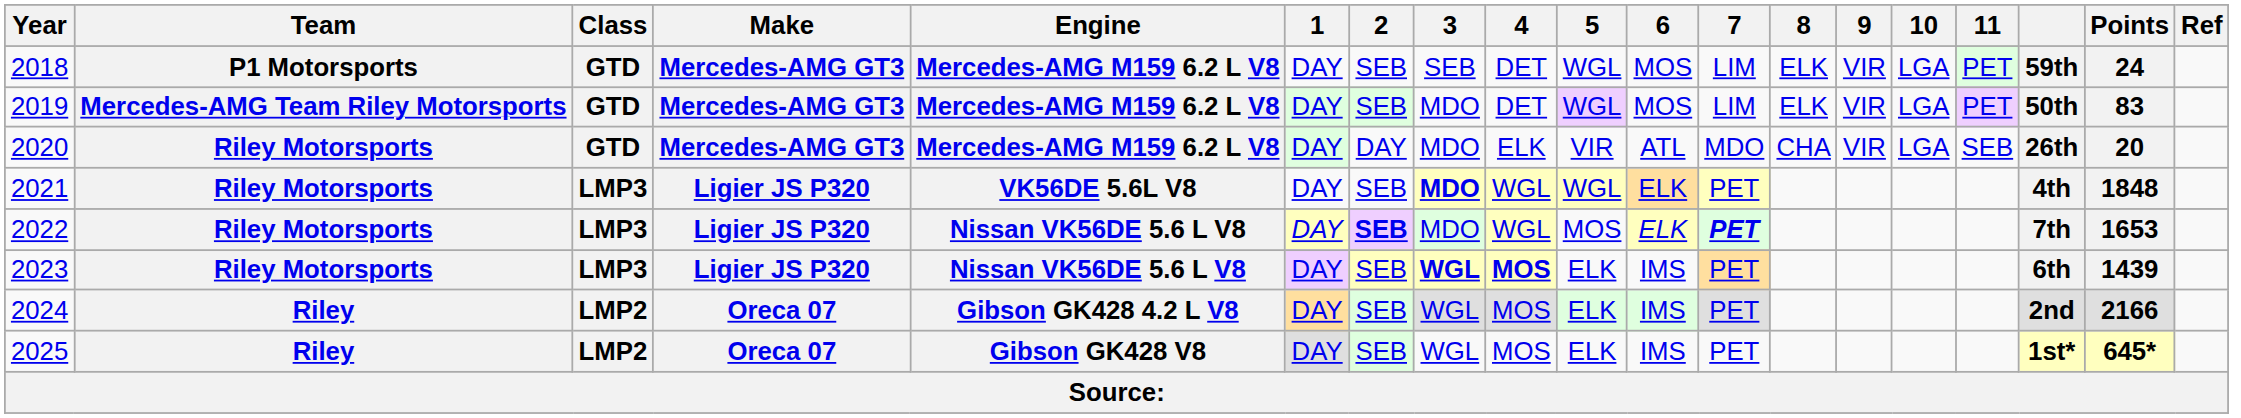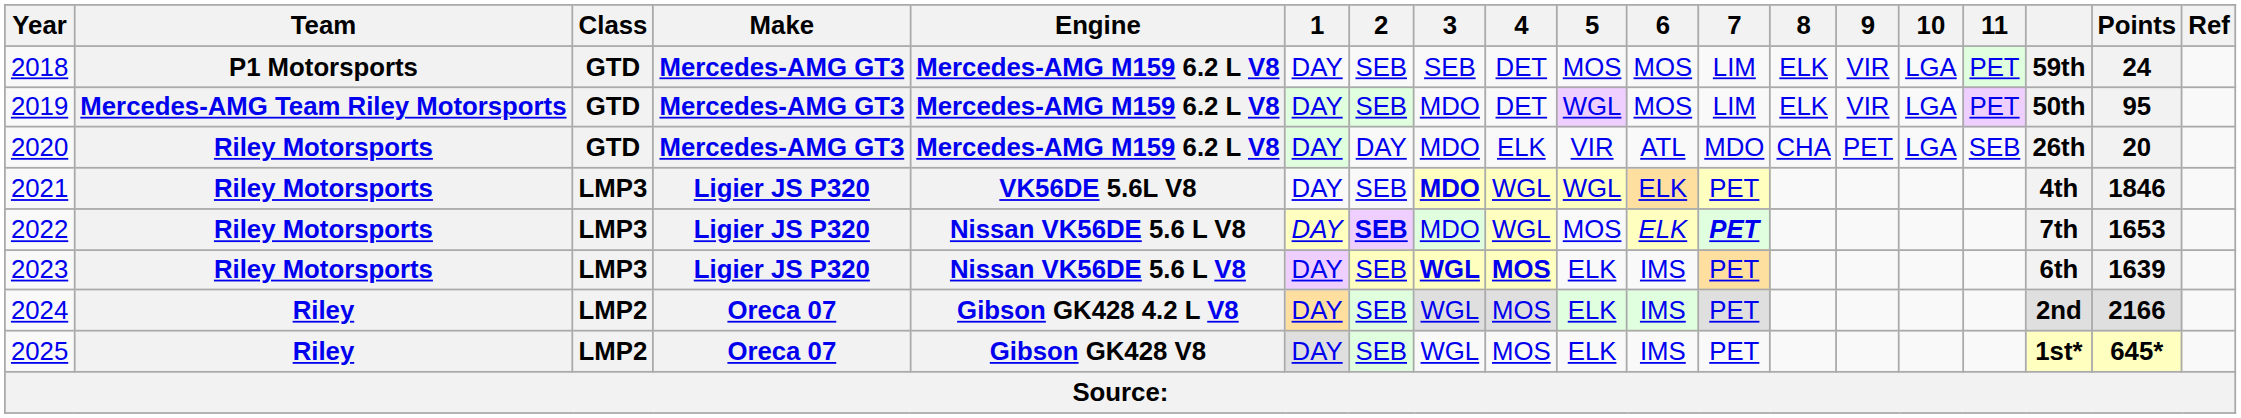 <table class="wikitable" style="text-align:center; font-size:90%">
 <tr>
 <th>Year</th>
 <th>Team</th>
 <th>Class</th>
 <th>Make</th>
 <th>Engine</th>
 <th>1</th>
 <th>2</th>
 <th>3</th>
 <th>4</th>
 <th>5</th>
 <th>6</th>
 <th>7</th>
 <th>8</th>
 <th>9</th>
 <th>10</th>
 <th>11</th>
 <th></th>
 <th>Points</th>
 <th>Ref</th>
 </tr>
 <tr>
 <td><a href='#'>2018</a></td>
 <th>P1 Motorsports</th>
 <th>GTD</th>
 <th><a href='#'>Mercedes-AMG GT3</a></th>
 <th><a href='#'>Mercedes-AMG M159</a> 6.2 L <a href='#'>V8</a></th>
 <td><a href='#'>DAY</a></td>
 <td><a href='#'>SEB</a></td>
 <td><a href='#'>SEB</a></td>
 <td><a href='#'>DET</a></td>
-<td><a href='#'>WGL</a></td>
+<td><a href='#'>MOS</a></td>
 <td><a href='#'>MOS</a></td>
 <td><a href='#'>LIM</a></td>
 <td><a href='#'>ELK</a></td>
 <td><a href='#'>VIR</a></td>
 <td><a href='#'>LGA</a></td>
 <td style="background:#DFFFDF;"><a href='#'>PET</a><br></td>
 <th>59th</th>
 <th>24</th>
 <td></td>
 </tr>
 <tr>
 <td><a href='#'>2019</a></td>
 <th><a href='#'>Mercedes-AMG Team Riley Motorsports</a></th>
 <th>GTD</th>
 <th><a href='#'>Mercedes-AMG GT3</a></th>
 <th><a href='#'>Mercedes-AMG M159</a> 6.2 L <a href='#'>V8</a></th>
 <td style="background:#DFFFDF;"><a href='#'>DAY</a><br></td>
 <td style="background:#DFFFDF;"><a href='#'>SEB</a><br></td>
 <td><a href='#'>MDO</a></td>
 <td><a href='#'>DET</a></td>
 <td style="background:#EFCFFF;"><a href='#'>WGL</a><br></td>
 <td><a href='#'>MOS</a></td>
 <td><a href='#'>LIM</a></td>
 <td><a href='#'>ELK</a></td>
 <td><a href='#'>VIR</a></td>
 <td><a href='#'>LGA</a></td>
 <td style="background:#EFCFFF;"><a href='#'>PET</a><br></td>
 <th>50th</th>
-<th>83</th>
+<th>95</th>
 <td></td>
 </tr>
 <tr>
 <td><a href='#'>2020</a></td>
 <th><a href='#'>Riley Motorsports</a></th>
 <th>GTD</th>
 <th><a href='#'>Mercedes-AMG GT3</a></th>
 <th><a href='#'>Mercedes-AMG M159</a> 6.2 L <a href='#'>V8</a></th>
 <td style="background:#DFFFDF;"><a href='#'>DAY</a><br></td>
 <td><a href='#'>DAY</a></td>
 <td><a href='#'>MDO</a></td>
 <td><a href='#'>ELK</a></td>
 <td><a href='#'>VIR</a></td>
 <td><a href='#'>ATL</a></td>
 <td><a href='#'>MDO</a></td>
 <td><a href='#'>CHA</a></td>
-<td><a href='#'>VIR</a></td>
+<td><a href='#'>PET</a></td>
 <td><a href='#'>LGA</a></td>
 <td><a href='#'>SEB</a></td>
 <th>26th</th>
 <th>20</th>
 <td></td>
 </tr>
 <tr>
 <td><a href='#'>2021</a></td>
 <th><a href='#'>Riley Motorsports</a></th>
 <th>LMP3</th>
 <th><a href='#'>Ligier JS P320</a></th>
 <th><a href='#'>VK56DE</a> 5.6L V8</th>
 <td><a href='#'>DAY</a></td>
 <td><a href='#'>SEB</a></td>
 <td style="background:#FFFFBF;"><strong><a href='#'>MDO</a></strong><br></td>
 <td style="background:#FFFFBF;"><a href='#'>WGL</a><br></td>
 <td style="background:#FFFFBF;"><a href='#'>WGL</a><br></td>
 <td style="background:#FFDF9F;"><a href='#'>ELK</a><br></td>
 <td style="background:#FFFFBF;"><a href='#'>PET</a><br></td>
 <td></td>
 <td></td>
 <td></td>
 <td></td>
 <th>4th</th>
-<th>1848</th>
+<th>1846</th>
 <td></td>
 </tr>
 <tr>
 <td><a href='#'>2022</a></td>
 <th><a href='#'>Riley Motorsports</a></th>
 <th>LMP3</th>
 <th><a href='#'>Ligier JS P320</a></th>
 <th><a href='#'>Nissan VK56DE</a> 5.6 L V8</th>
 <td style="background:#FFFFBF;"><em><a href='#'>DAY</a></em><br></td>
 <td style="background:#EFCFFF;"><strong><a href='#'>SEB</a></strong><br></td>
 <td style="background:#DFFFDF;"><a href='#'>MDO</a><br></td>
 <td style="background:#FFFFBF;"><a href='#'>WGL</a><br></td>
 <td><a href='#'>MOS</a></td>
 <td style="background:#FFFFBF;"><em><a href='#'>ELK</a></em><br></td>
 <td style="background:#DFFFDF;"><strong><em><a href='#'>PET</a></em></strong><br></td>
 <td></td>
 <td></td>
 <td></td>
 <td></td>
 <th>7th</th>
 <th>1653</th>
 <td></td>
 </tr>
 <tr>
 <td><a href='#'>2023</a></td>
 <th><a href='#'>Riley Motorsports</a></th>
 <th>LMP3</th>
 <th><a href='#'>Ligier JS P320</a></th>
 <th><a href='#'>Nissan VK56DE</a> 5.6 L <a href='#'>V8</a></th>
 <td style="background:#EFCFFF;"><a href='#'>DAY</a><br></td>
 <td style="background:#FFFFBF;"><a href='#'>SEB</a><br></td>
 <td style="background:#FFFFBF;"><strong><a href='#'>WGL</a></strong><br></td>
 <td style="background:#FFFFBF;"><strong><a href='#'>MOS</a></strong><br></td>
 <td><a href='#'>ELK</a></td>
 <td><a href='#'>IMS</a></td>
 <td style="background:#FFDF9F;”"><a href='#'>PET</a><br></td>
 <td></td>
 <td></td>
 <td></td>
 <td></td>
 <th>6th</th>
-<th>1439</th>
+<th>1639</th>
 <td></td>
 </tr>
 <tr>
 <td><a href='#'>2024</a></td>
 <th><a href='#'>Riley</a></th>
 <th>LMP2</th>
 <th><a href='#'>Oreca 07</a></th>
 <th><a href='#'>Gibson</a> GK428 4.2 L <a href='#'>V8</a></th>
 <td style="background:#FFDF9F;"><a href='#'>DAY</a><br></td>
 <td style="background:#DFFFDF;"><a href='#'>SEB</a><br></td>
 <td style="background:#DFDFDF;"><a href='#'>WGL</a><br></td>
 <td style="background:#DFDFDF;"><a href='#'>MOS</a><br></td>
 <td style="background:#DFFFDF;"><a href='#'>ELK</a><br></td>
 <td style="background:#DFFFDF;"><a href='#'>IMS</a><br></td>
 <td style="background:#DFDFDF;"><a href='#'>PET</a><br></td>
 <td></td>
 <td></td>
 <td></td>
 <td></td>
 <th style="background:#DFDFDF;">2nd</th>
 <th style="background:#DFDFDF;">2166</th>
 <td></td>
 </tr>
 <tr>
 <td><a href='#'>2025</a></td>
 <th><a href='#'>Riley</a></th>
 <th>LMP2</th>
 <th><a href='#'>Oreca 07</a></th>
 <th><a href='#'>Gibson</a> GK428 V8</th>
 <td style="background:#DFDFDF;"><a href='#'>DAY</a><br></td>
 <td style="background:#DFFFDF;"><a href='#'>SEB</a><br></td>
 <td style="background:#;"><a href='#'>WGL</a><br></td>
 <td style="background:#;"><a href='#'>MOS</a><br></td>
 <td style="background:#;"><a href='#'>ELK</a><br></td>
 <td style="background:#;"><a href='#'>IMS</a><br></td>
 <td style="background:#;"><a href='#'>PET</a></td>
 <td></td>
 <td></td>
 <td></td>
 <td></td>
 <th style="background:#FFFFBF;">1st*</th>
 <th style="background:#FFFFBF;">645*</th>
 </tr>
 <tr>
 <th colspan="19">Source:</th>
 </tr>
 </table>
